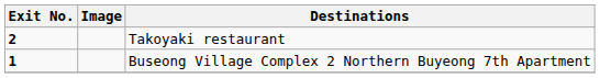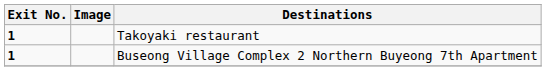 <table class="wikitable">
 <tr>
 <th>Exit No.</th>
 <th>Image</th>
 <th>Destinations</th>
 </tr>
 <tr>
-<td style="background:#"><strong>2</strong></td>
+<td style="background:#"><strong>1</strong></td>
 <td></td>
 <td>Takoyaki restaurant</td>
 </tr>
 <tr>
 <td style="background:#"><strong>1</strong></td>
 <td></td>
 <td>Buseong Village Complex 2 Northern Buyeong 7th Apartment</td>
 </tr>
 <tr>
 </tr>
 </table>
